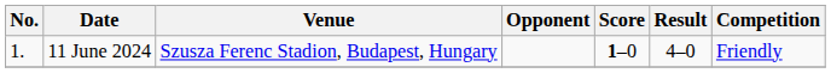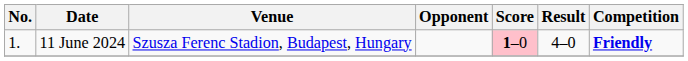 <table class="wikitable">
 <tr>
 <th>No.</th>
 <th>Date</th>
 <th>Venue</th>
 <th>Opponent</th>
 <th>Score</th>
 <th>Result</th>
 <th>Competition</th>
 </tr>
 <tr>
 <td>1.</td>
 <td>11 June 2024</td>
 <td><a href='#'>Szusza Ferenc Stadion</a>, <a href='#'>Budapest</a>, <a href='#'>Hungary</a></td>
 <td></td>
-<td align=center><strong>1</strong>–0</td>
+<td align=center style="background: pink;"><strong>1</strong>–0</td>
 <td align=center>4–0</td>
-<td><a href='#'>Friendly</a></td>
+<td><strong><a href='#'>Friendly</a></strong></td>
 </tr>
 <tr>
 </tr>
 </table>
